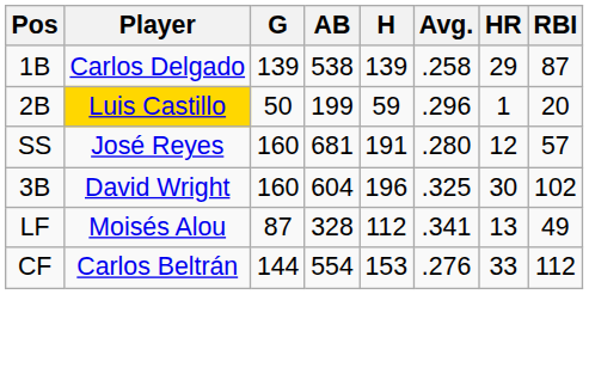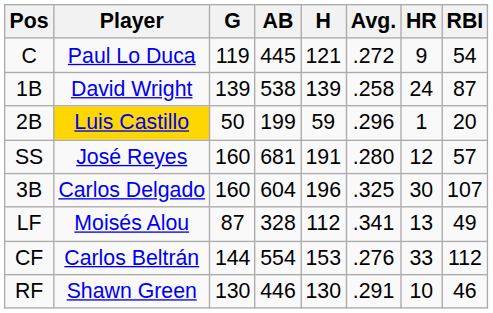 <table class="wikitable sortable">
 <tr>
 <th>Pos</th>
 <th>Player</th>
 <th>G</th>
 <th>AB</th>
 <th>H</th>
 <th>Avg.</th>
 <th>HR</th>
 <th>RBI</th>
 </tr>
+<tr align="center">
+<td>C</td>
+<td><a href='#'>Paul Lo Duca</a></td>
+<td>119</td>
+<td>445</td>
+<td>121</td>
+<td>.272</td>
+<td>9</td>
+<td>54</td>
+</tr>
 <tr align=center>
 <td>1B</td>
-<td><a href='#'>Carlos Delgado</a></td>
+<td><a href='#'>David Wright</a></td>
 <td>139</td>
 <td>538</td>
 <td>139</td>
 <td>.258</td>
-<td>29</td>
+<td>24</td>
 <td>87</td>
 </tr>
 <tr align=center>
 <td>2B</td>
 <td style="background: gold;"><a href='#'>Luis Castillo</a></td>
 <td>50</td>
 <td>199</td>
 <td>59</td>
 <td>.296</td>
 <td>1</td>
 <td>20</td>
 </tr>
 <tr align=center>
 <td>SS</td>
 <td><a href='#'>José Reyes</a></td>
 <td>160</td>
 <td>681</td>
 <td>191</td>
 <td>.280</td>
 <td>12</td>
 <td>57</td>
 </tr>
 <tr align="center">
 <td>3B</td>
-<td><a href='#'>David Wright</a></td>
+<td><a href='#'>Carlos Delgado</a></td>
 <td>160</td>
 <td>604</td>
 <td>196</td>
 <td>.325</td>
 <td>30</td>
-<td>102</td>
+<td>107</td>
 </tr>
 <tr align=center>
 <td>LF</td>
 <td><a href='#'>Moisés Alou</a></td>
 <td>87</td>
 <td>328</td>
 <td>112</td>
 <td>.341</td>
 <td>13</td>
 <td>49</td>
 </tr>
 <tr align=center>
 <td>CF</td>
 <td><a href='#'>Carlos Beltrán</a></td>
 <td>144</td>
 <td>554</td>
 <td>153</td>
 <td>.276</td>
 <td>33</td>
 <td>112</td>
 </tr>
+<tr align=center>
+<td>RF</td>
+<td><a href='#'>Shawn Green</a></td>
+<td>130</td>
+<td>446</td>
+<td>130</td>
+<td>.291</td>
+<td>10</td>
+<td>46</td>
+</tr>
 </table>
